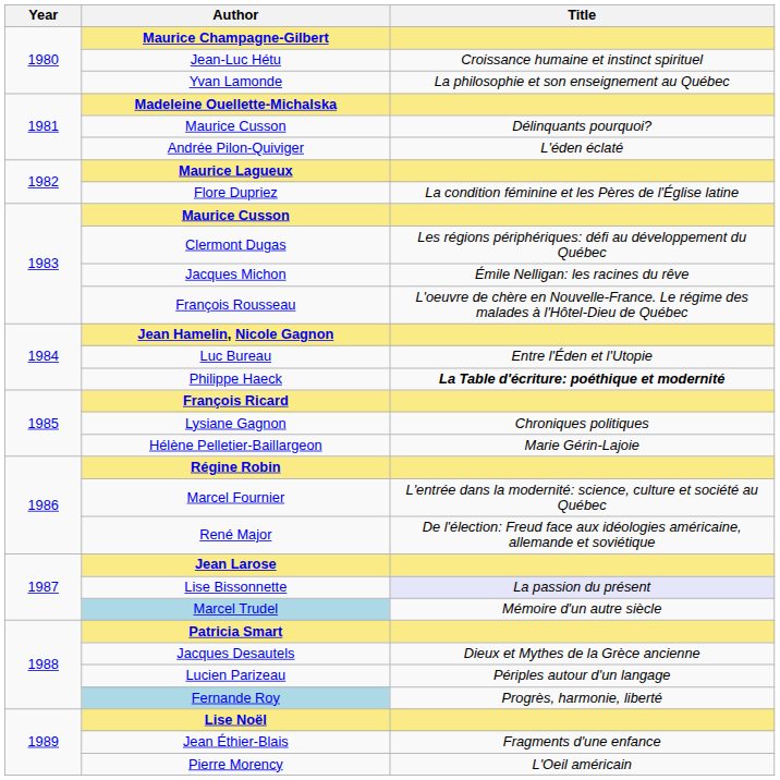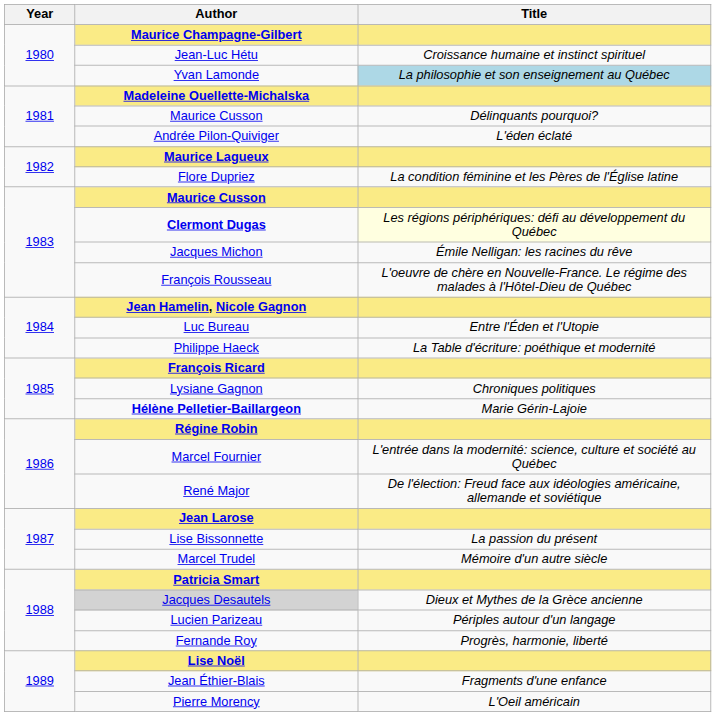 <table class="wikitable" width="100%">
 <tr>
 <th>Year</th>
 <th width="40%">Author</th>
 <th width="50%">Title</th>
 </tr>
 <tr>
 <td align="center" rowspan="3"><a href='#'>1980</a></td>
 <td align="center" style="background:#FAEB86"><strong><a href='#'>Maurice Champagne-Gilbert</a></strong></td>
 <td align="center" style="background:#FAEB86"><strong></strong></td>
 </tr>
 <tr>
 <td align="center"><a href='#'>Jean-Luc Hétu</a></td>
 <td align="center"><em>Croissance humaine et instinct spirituel</em></td>
 </tr>
 <tr>
 <td align="center"><a href='#'>Yvan Lamonde</a></td>
-<td align="center"><em>La philosophie et son enseignement au Québec</em></td>
+<td align="center" style="background: lightblue;"><em>La philosophie et son enseignement au Québec</em></td>
 </tr>
 <tr>
 <td align="center" rowspan="3"><a href='#'>1981</a></td>
 <td align="center" style="background:#FAEB86"><strong><a href='#'>Madeleine Ouellette-Michalska</a></strong></td>
 <td align="center" style="background:#FAEB86"><strong></strong></td>
 </tr>
 <tr>
 <td align="center"><a href='#'>Maurice Cusson</a></td>
 <td align="center"><em>Délinquants pourquoi?</em></td>
 </tr>
 <tr>
 <td align="center"><a href='#'>Andrée Pilon-Quiviger</a></td>
 <td align="center"><em>L'éden éclaté</em></td>
 </tr>
 <tr>
 <td align="center" rowspan="2"><a href='#'>1982</a></td>
 <td align="center" style="background:#FAEB86"><strong><a href='#'>Maurice Lagueux</a></strong></td>
 <td align="center" style="background:#FAEB86"><strong></strong></td>
 </tr>
 <tr>
 <td align="center"><a href='#'>Flore Dupriez</a></td>
 <td align="center"><em>La condition féminine et les Pères de l'Église latine</em></td>
 </tr>
 <tr>
 <td align="center" rowspan="4"><a href='#'>1983</a></td>
 <td align="center" style="background:#FAEB86"><strong><a href='#'>Maurice Cusson</a></strong></td>
 <td align="center" style="background:#FAEB86"><strong></strong></td>
 </tr>
 <tr>
-<td align="center"><a href='#'>Clermont Dugas</a></td>
-<td align="center"><em>Les régions périphériques: défi au développement du Québec</em></td>
+<td align="center"><strong><a href='#'>Clermont Dugas</a></strong></td>
+<td align="center" style="background: lightyellow;"><em>Les régions périphériques: défi au développement du Québec</em></td>
 </tr>
 <tr>
 <td align="center"><a href='#'>Jacques Michon</a></td>
 <td align="center"><em>Émile Nelligan: les racines du rêve</em></td>
 </tr>
 <tr>
 <td align="center"><a href='#'>François Rousseau</a></td>
 <td align="center"><em>L'oeuvre de chère en Nouvelle-France. Le régime des malades à l'Hôtel-Dieu de Québec</em></td>
 </tr>
 <tr>
 <td align="center" rowspan="3"><a href='#'>1984</a></td>
 <td align="center" style="background:#FAEB86"><strong><a href='#'>Jean Hamelin</a>, <a href='#'>Nicole Gagnon</a></strong></td>
 <td align="center" style="background:#FAEB86"><strong></strong></td>
 </tr>
 <tr>
 <td align="center"><a href='#'>Luc Bureau</a></td>
 <td align="center"><em>Entre l'Éden et l'Utopie</em></td>
 </tr>
 <tr>
 <td align="center"><a href='#'>Philippe Haeck</a></td>
-<td align="center"><strong><em>La Table d'écriture: poéthique et modernité</em></strong></td>
+<td align="center"><em>La Table d'écriture: poéthique et modernité</em></td>
 </tr>
 <tr>
 <td align="center" rowspan="3"><a href='#'>1985</a></td>
 <td align="center" style="background:#FAEB86"><strong><a href='#'>François Ricard</a></strong></td>
 <td align="center" style="background:#FAEB86"><strong></strong></td>
 </tr>
 <tr>
 <td align="center"><a href='#'>Lysiane Gagnon</a></td>
 <td align="center"><em>Chroniques politiques</em></td>
 </tr>
 <tr>
-<td align="center"><a href='#'>Hélène Pelletier-Baillargeon</a></td>
+<td align="center"><strong><a href='#'>Hélène Pelletier-Baillargeon</a></strong></td>
 <td align="center"><em>Marie Gérin-Lajoie</em></td>
 </tr>
 <tr>
 <td align="center" rowspan="3"><a href='#'>1986</a></td>
 <td align="center" style="background:#FAEB86"><strong><a href='#'>Régine Robin</a></strong></td>
 <td align="center" style="background:#FAEB86"><strong></strong></td>
 </tr>
 <tr>
 <td align="center"><a href='#'>Marcel Fournier</a></td>
 <td align="center"><em>L'entrée dans la modernité: science, culture et société au Québec</em></td>
 </tr>
 <tr>
 <td align="center"><a href='#'>René Major</a></td>
 <td align="center"><em>De l'élection: Freud face aux idéologies américaine, allemande et soviétique</em></td>
 </tr>
 <tr>
 <td align="center" rowspan="3"><a href='#'>1987</a></td>
 <td align="center" style="background:#FAEB86"><strong><a href='#'>Jean Larose</a></strong></td>
 <td align="center" style="background:#FAEB86"><strong></strong></td>
 </tr>
 <tr>
 <td align="center"><a href='#'>Lise Bissonnette</a></td>
-<td align="center" style="background: lavender;"><em>La passion du présent</em></td>
+<td align="center"><em>La passion du présent</em></td>
 </tr>
 <tr>
-<td align="center" style="background: lightblue;"><a href='#'>Marcel Trudel</a></td>
+<td align="center"><a href='#'>Marcel Trudel</a></td>
 <td align="center"><em>Mémoire d'un autre siècle</em></td>
 </tr>
 <tr>
 <td align="center" rowspan="4"><a href='#'>1988</a></td>
 <td align="center" style="background:#FAEB86"><strong><a href='#'>Patricia Smart</a></strong></td>
 <td align="center" style="background:#FAEB86"><strong></strong></td>
 </tr>
 <tr>
-<td align="center"><a href='#'>Jacques Desautels</a></td>
+<td align="center" style="background: lightgrey;"><a href='#'>Jacques Desautels</a></td>
 <td align="center"><em>Dieux et Mythes de la Grèce ancienne</em></td>
 </tr>
 <tr>
 <td align="center"><a href='#'>Lucien Parizeau</a></td>
 <td align="center"><em>Périples autour d'un langage</em></td>
 </tr>
 <tr>
-<td align="center" style="background: lightblue;"><a href='#'>Fernande Roy</a></td>
+<td align="center"><a href='#'>Fernande Roy</a></td>
 <td align="center"><em>Progrès, harmonie, liberté</em></td>
 </tr>
 <tr>
 <td align="center" rowspan="3"><a href='#'>1989</a></td>
 <td align="center" style="background:#FAEB86"><strong><a href='#'>Lise Noël</a></strong></td>
 <td align="center" style="background:#FAEB86"><strong></strong></td>
 </tr>
 <tr>
 <td align="center"><a href='#'>Jean Éthier-Blais</a></td>
 <td align="center"><em>Fragments d'une enfance</em></td>
 </tr>
 <tr>
 <td align="center"><a href='#'>Pierre Morency</a></td>
 <td align="center"><em>L'Oeil américain</em></td>
 </tr>
 </table>
